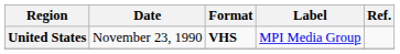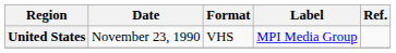 <table class="wikitable plainrowheaders">
 <tr>
 <th scope="col">Region</th>
 <th scope="col">Date</th>
 <th scope="col">Format</th>
 <th scope="col">Label</th>
 <th scope="col">Ref.</th>
 </tr>
 <tr>
 <th scope="row">United States</th>
 <td>November 23, 1990</td>
-<td><strong>VHS</strong></td>
+<td>VHS</td>
 <td><a href='#'>MPI Media Group</a></td>
 <td></td>
 </tr>
 <tr>
 </tr>
 </table>
